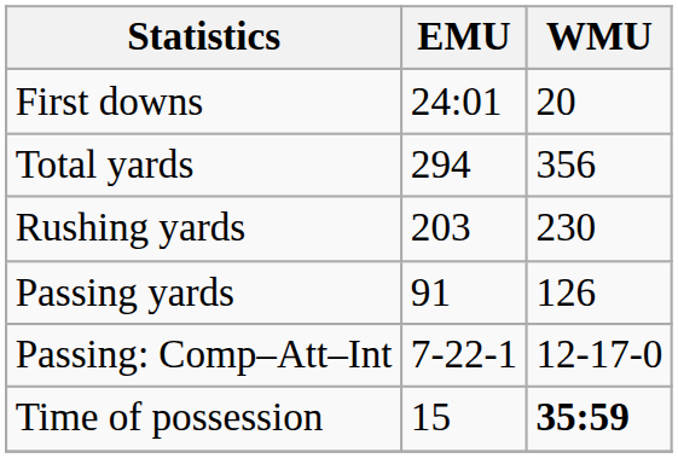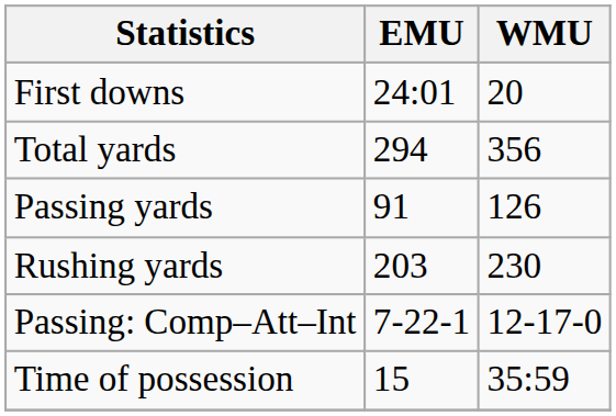 <table class="wikitable" style="float: left;">
 <tr>
 <th>Statistics</th>
 <th>EMU</th>
 <th>WMU</th>
 </tr>
 <tr>
 <td>First downs</td>
 <td>24:01</td>
 <td>20</td>
 </tr>
 <tr>
 <td>Total yards</td>
 <td>294</td>
 <td>356</td>
 </tr>
 <tr>
+<td>Passing yards</td>
+<td>91</td>
+<td>126</td>
+</tr>
+<tr>
 <td>Rushing yards</td>
 <td>203</td>
 <td>230</td>
-</tr>
-<tr>
-<td>Passing yards</td>
-<td>91</td>
-<td>126</td>
 </tr>
 <tr>
 <td>Passing: Comp–Att–Int</td>
 <td>7-22-1</td>
 <td>12-17-0</td>
 </tr>
 <tr>
 <td>Time of possession</td>
 <td>15</td>
-<td><strong>35:59</strong></td>
+<td>35:59</td>
 </tr>
 <tr>
 </tr>
 </table>
